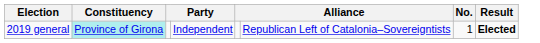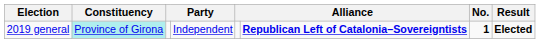 <table class="wikitable" style="text-align:left;">
 <tr>
 <th scope=col>Election</th>
 <th scope=col>Constituency</th>
 <th scope=col colspan="2">Party</th>
 <th scope=col colspan="2">Alliance</th>
 <th scope=col>No.</th>
 <th scope=col>Result</th>
 </tr>
 <tr>
 <td><a href='#'>2019 general</a></td>
 <td style="background: paleturquoise;"><a href='#'>Province of Girona</a></td>
 <td style="background:"></td>
 <td><a href='#'>Independent</a></td>
 <td style="background:"></td>
-<td><a href='#'>Republican Left of Catalonia–Sovereigntists</a></td>
-<td align=right>1</td>
+<td><strong><a href='#'>Republican Left of Catalonia–Sovereigntists</a></strong></td>
+<td align=right><strong>1</strong></td>
 <td><strong>Elected</strong></td>
 </tr>
 </table>
